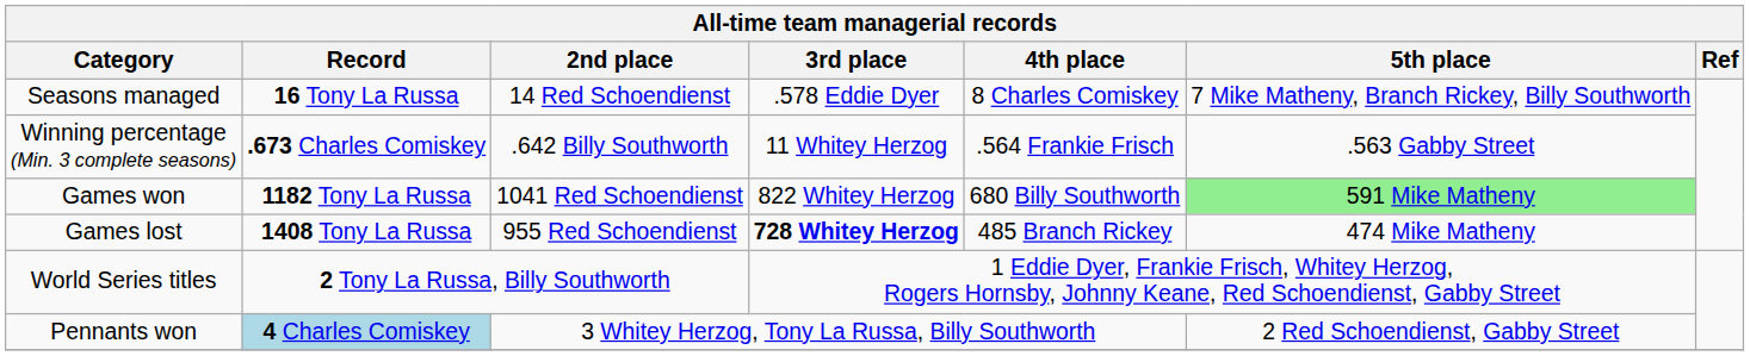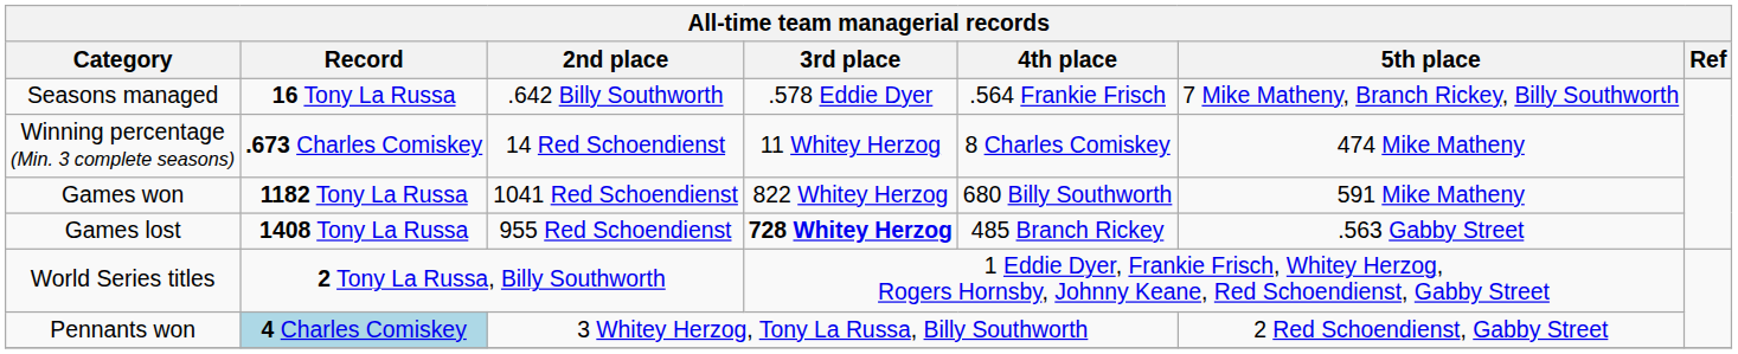 <table class="wikitable unsortable" style="text-align:center">
 <tr>
 <th colspan=7><strong>All-time team managerial records</strong></th>
 </tr>
 <tr>
 <th scope="col">Category</th>
 <th scope="col">Record</th>
 <th scope="col">2nd place</th>
 <th scope="col">3rd place</th>
 <th scope="col">4th place</th>
 <th scope="col">5th place</th>
 <th scope="col">Ref</th>
 </tr>
 <tr>
 <td>Seasons managed</td>
 <td><strong>16</strong> <a href='#'>Tony La Russa</a></td>
-<td>14 <a href='#'>Red Schoendienst</a></td>
+<td>.642 <a href='#'>Billy Southworth</a></td>
 <td>.578 <a href='#'>Eddie Dyer</a></td>
-<td>8 <a href='#'>Charles Comiskey</a></td>
+<td>.564 <a href='#'>Frankie Frisch</a></td>
 <td>7 <a href='#'>Mike Matheny</a>, <a href='#'>Branch Rickey</a>, <a href='#'>Billy Southworth</a></td>
 <td rowspan="4" style="text-align: center;"></td>
 </tr>
 <tr>
 <td>Winning percentage<br> <small><em>(Min. 3 complete seasons)</em></small></td>
 <td><strong>.673</strong> <a href='#'>Charles Comiskey</a></td>
-<td>.642 <a href='#'>Billy Southworth</a></td>
+<td>14 <a href='#'>Red Schoendienst</a></td>
 <td>11 <a href='#'>Whitey Herzog</a></td>
-<td>.564 <a href='#'>Frankie Frisch</a></td>
-<td>.563 <a href='#'>Gabby Street</a></td>
+<td>8 <a href='#'>Charles Comiskey</a></td>
+<td>474 <a href='#'>Mike Matheny</a></td>
 </tr>
 <tr>
 <td>Games won</td>
 <td><strong>1182</strong> <a href='#'>Tony La Russa</a></td>
 <td>1041 <a href='#'>Red Schoendienst</a></td>
 <td>822 <a href='#'>Whitey Herzog</a></td>
 <td>680 <a href='#'>Billy Southworth</a></td>
-<td style="background: lightgreen;">591 <a href='#'>Mike Matheny</a></td>
+<td>591 <a href='#'>Mike Matheny</a></td>
 </tr>
 <tr>
 <td>Games lost</td>
 <td><strong>1408</strong> <a href='#'>Tony La Russa</a></td>
 <td>955 <a href='#'>Red Schoendienst</a></td>
 <td><strong>728 <a href='#'>Whitey Herzog</a></strong></td>
 <td>485 <a href='#'>Branch Rickey</a></td>
-<td>474 <a href='#'>Mike Matheny</a></td>
+<td>.563 <a href='#'>Gabby Street</a></td>
 </tr>
 <tr>
 <td>World Series titles</td>
 <td colspan="2" style="text-align: center;"><strong>2</strong> <a href='#'>Tony La Russa</a>, <a href='#'>Billy Southworth</a></td>
 <td colspan="3" style="text-align: center;">1  <a href='#'>Eddie Dyer</a>, <a href='#'>Frankie Frisch</a>, <a href='#'>Whitey Herzog</a>,<br><a href='#'>Rogers Hornsby</a>, <a href='#'>Johnny Keane</a>, <a href='#'>Red Schoendienst</a>, <a href='#'>Gabby Street</a></td>
 <td rowspan="2" style="text-align: center;"></td>
 </tr>
 <tr>
 <td>Pennants won</td>
 <td style="background: lightblue;"><strong>4</strong> <a href='#'>Charles Comiskey</a></td>
 <td colspan="3" style="text-align: center;">3 <a href='#'>Whitey Herzog</a>, <a href='#'>Tony La Russa</a>, <a href='#'>Billy Southworth</a></td>
 <td>2 <a href='#'>Red Schoendienst</a>, <a href='#'>Gabby Street</a></td>
 </tr>
 <tr>
 </tr>
 </table>
